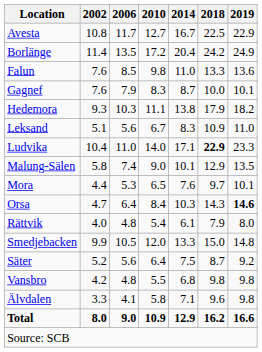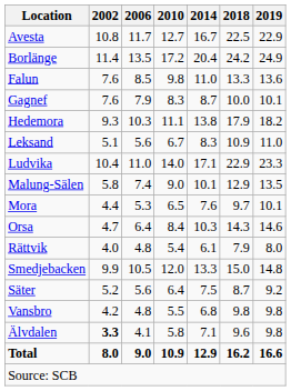 <table class="wikitable sortable" style=text-align:right>
 <tr>
 <th>Location</th>
 <th>2002</th>
 <th>2006</th>
 <th>2010</th>
 <th>2014</th>
 <th>2018</th>
 <th>2019</th>
 </tr>
 <tr>
 <td align=left><a href='#'>Avesta</a></td>
 <td>10.8</td>
 <td>11.7</td>
 <td>12.7</td>
 <td>16.7</td>
 <td>22.5</td>
 <td>22.9</td>
 </tr>
 <tr>
 <td align=left><a href='#'>Borlänge</a></td>
 <td>11.4</td>
 <td>13.5</td>
 <td>17.2</td>
 <td>20.4</td>
 <td>24.2</td>
 <td>24.9</td>
 </tr>
 <tr>
 <td align=left><a href='#'>Falun</a></td>
 <td>7.6</td>
 <td>8.5</td>
 <td>9.8</td>
 <td>11.0</td>
 <td>13.3</td>
 <td>13.6</td>
 </tr>
 <tr>
 <td align=left><a href='#'>Gagnef</a></td>
 <td>7.6</td>
 <td>7.9</td>
 <td>8.3</td>
 <td>8.7</td>
 <td>10.0</td>
 <td>10.1</td>
 </tr>
 <tr>
 <td align=left><a href='#'>Hedemora</a></td>
 <td>9.3</td>
 <td>10.3</td>
 <td>11.1</td>
 <td>13.8</td>
 <td>17.9</td>
 <td>18.2</td>
 </tr>
 <tr>
 <td align=left><a href='#'>Leksand</a></td>
 <td>5.1</td>
 <td>5.6</td>
 <td>6.7</td>
 <td>8.3</td>
 <td>10.9</td>
 <td>11.0</td>
 </tr>
 <tr>
 <td align=left><a href='#'>Ludvika</a></td>
 <td>10.4</td>
 <td>11.0</td>
 <td>14.0</td>
 <td>17.1</td>
-<td><strong>22.9</strong></td>
+<td>22.9</td>
 <td>23.3</td>
 </tr>
 <tr>
 <td align=left><a href='#'>Malung-Sälen</a></td>
 <td>5.8</td>
 <td>7.4</td>
 <td>9.0</td>
 <td>10.1</td>
 <td>12.9</td>
 <td>13.5</td>
 </tr>
 <tr>
 <td align=left><a href='#'>Mora</a></td>
 <td>4.4</td>
 <td>5.3</td>
 <td>6.5</td>
 <td>7.6</td>
 <td>9.7</td>
 <td>10.1</td>
 </tr>
 <tr>
 <td align=left><a href='#'>Orsa</a></td>
 <td>4.7</td>
 <td>6.4</td>
 <td>8.4</td>
 <td>10.3</td>
 <td>14.3</td>
-<td><strong>14.6</strong></td>
+<td>14.6</td>
 </tr>
 <tr>
 <td align=left><a href='#'>Rättvik</a></td>
 <td>4.0</td>
 <td>4.8</td>
 <td>5.4</td>
 <td>6.1</td>
 <td>7.9</td>
 <td>8.0</td>
 </tr>
 <tr>
 <td align=left><a href='#'>Smedjebacken</a></td>
 <td>9.9</td>
 <td>10.5</td>
 <td>12.0</td>
 <td>13.3</td>
 <td>15.0</td>
 <td>14.8</td>
 </tr>
 <tr>
 <td align=left><a href='#'>Säter</a></td>
 <td>5.2</td>
 <td>5.6</td>
 <td>6.4</td>
 <td>7.5</td>
 <td>8.7</td>
 <td>9.2</td>
 </tr>
 <tr>
 <td align=left><a href='#'>Vansbro</a></td>
 <td>4.2</td>
 <td>4.8</td>
 <td>5.5</td>
 <td>6.8</td>
 <td>9.8</td>
 <td>9.8</td>
 </tr>
 <tr>
 <td align=left><a href='#'>Älvdalen</a></td>
-<td>3.3</td>
+<td><strong>3.3</strong></td>
 <td>4.1</td>
 <td>5.8</td>
 <td>7.1</td>
 <td>9.6</td>
 <td>9.8</td>
 </tr>
 <tr>
 <td align=left><strong>Total</strong></td>
 <td><strong>8.0</strong></td>
 <td><strong>9.0</strong></td>
 <td><strong>10.9</strong></td>
 <td><strong>12.9</strong></td>
 <td><strong>16.2</strong></td>
 <td><strong>16.6</strong></td>
 </tr>
 <tr>
 <td align=left colspan=7>Source: SCB </td>
 </tr>
 </table>
